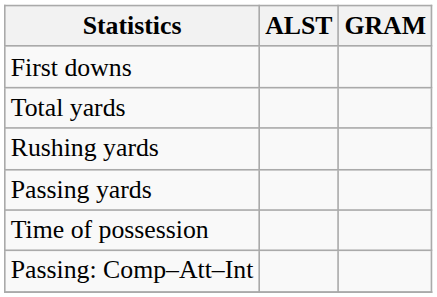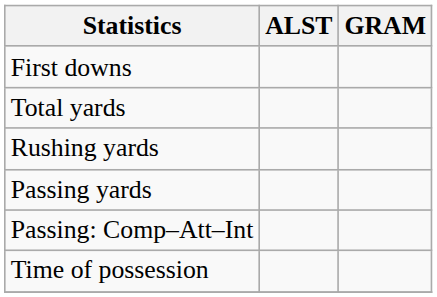 <table class="wikitable" style="float: left;">
 <tr>
 <th>Statistics</th>
 <th>ALST</th>
 <th>GRAM</th>
 </tr>
 <tr>
 <td>First downs</td>
 <td></td>
 <td></td>
 </tr>
 <tr>
 <td>Total yards</td>
 <td></td>
 <td></td>
 </tr>
 <tr>
 <td>Rushing yards</td>
 <td></td>
 <td></td>
 </tr>
 <tr>
 <td>Passing yards</td>
 <td></td>
 <td></td>
 </tr>
 <tr>
-<td>Time of possession</td>
+<td>Passing: Comp–Att–Int</td>
 <td></td>
 <td></td>
 </tr>
 <tr>
-<td>Passing: Comp–Att–Int</td>
+<td>Time of possession</td>
 <td></td>
 <td></td>
 </tr>
 <tr>
 </tr>
 </table>
